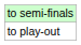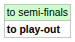 <table class="wikitable">
 <tr width=10px bgcolor="#ccffcc">
 <td>to semi-finals</td>
 </tr>
 <tr width=10px bgcolor="#ffffff">
-<td>to play-out</td>
+<td><strong>to play-out</strong></td>
 </tr>
 </table>
